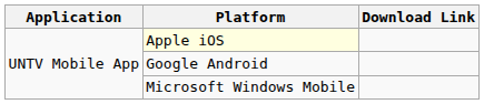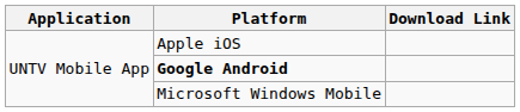 <table class="wikitable float center" style="=width:300px;">
 <tr style="font-size:100%">
 <th>Application</th>
 <th>Platform</th>
 <th>Download Link</th>
 </tr>
 <tr style="font-size:100%">
 <td rowspan=3>UNTV Mobile App</td>
-<td style="background: lightyellow;">Apple iOS</td>
+<td>Apple iOS</td>
 <td></td>
 </tr>
 <tr style="font-size:100%">
-<td>Google Android</td>
+<td><strong>Google Android</strong></td>
 <td></td>
 </tr>
 <tr style="font-size:100%">
 <td>Microsoft Windows Mobile</td>
 <td></td>
 </tr>
 </table>
